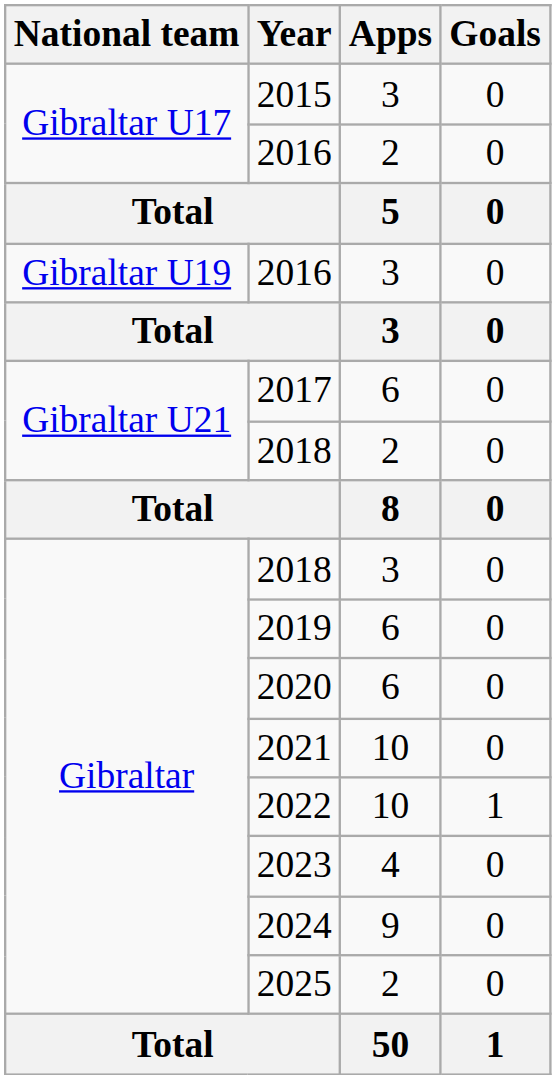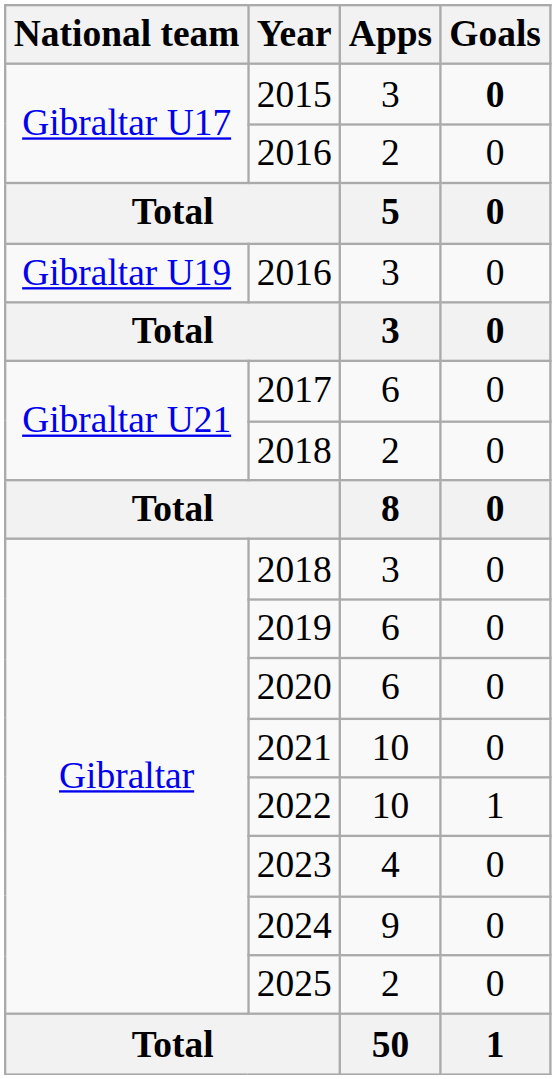 <table class=wikitable style="text-align: center;">
 <tr>
 <th>National team</th>
 <th>Year</th>
 <th>Apps</th>
 <th>Goals</th>
 </tr>
 <tr>
 <td rowspan="2"><a href='#'>Gibraltar U17</a></td>
 <td>2015</td>
 <td>3</td>
-<td>0</td>
+<td><strong>0</strong></td>
 </tr>
 <tr>
 <td>2016</td>
 <td>2</td>
 <td>0</td>
 </tr>
 <tr>
 <th colspan="2">Total</th>
 <th>5</th>
 <th>0</th>
 </tr>
 <tr>
 <td><a href='#'>Gibraltar U19</a></td>
 <td>2016</td>
 <td>3</td>
 <td>0</td>
 </tr>
 <tr>
 <th colspan="2">Total</th>
 <th>3</th>
 <th>0</th>
 </tr>
 <tr>
 <td rowspan="2"><a href='#'>Gibraltar U21</a></td>
 <td>2017</td>
 <td>6</td>
 <td>0</td>
 </tr>
 <tr>
 <td>2018</td>
 <td>2</td>
 <td>0</td>
 </tr>
 <tr>
 <th colspan="2">Total</th>
 <th>8</th>
 <th>0</th>
 </tr>
 <tr>
 <td rowspan="8"><a href='#'>Gibraltar</a></td>
 <td>2018</td>
 <td>3</td>
 <td>0</td>
 </tr>
 <tr>
 <td>2019</td>
 <td>6</td>
 <td>0</td>
 </tr>
 <tr>
 <td>2020</td>
 <td>6</td>
 <td>0</td>
 </tr>
 <tr>
 <td>2021</td>
 <td>10</td>
 <td>0</td>
 </tr>
 <tr>
 <td>2022</td>
 <td>10</td>
 <td>1</td>
 </tr>
 <tr>
 <td>2023</td>
 <td>4</td>
 <td>0</td>
 </tr>
 <tr>
 <td>2024</td>
 <td>9</td>
 <td>0</td>
 </tr>
 <tr>
 <td>2025</td>
 <td>2</td>
 <td>0</td>
 </tr>
 <tr>
 <th colspan="2">Total</th>
 <th>50</th>
 <th>1</th>
 </tr>
 </table>
